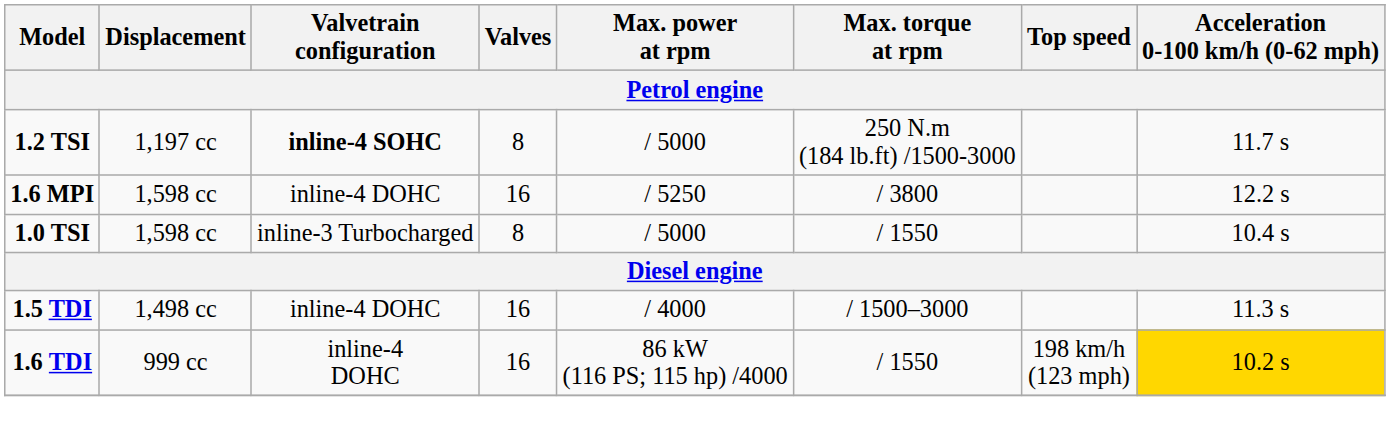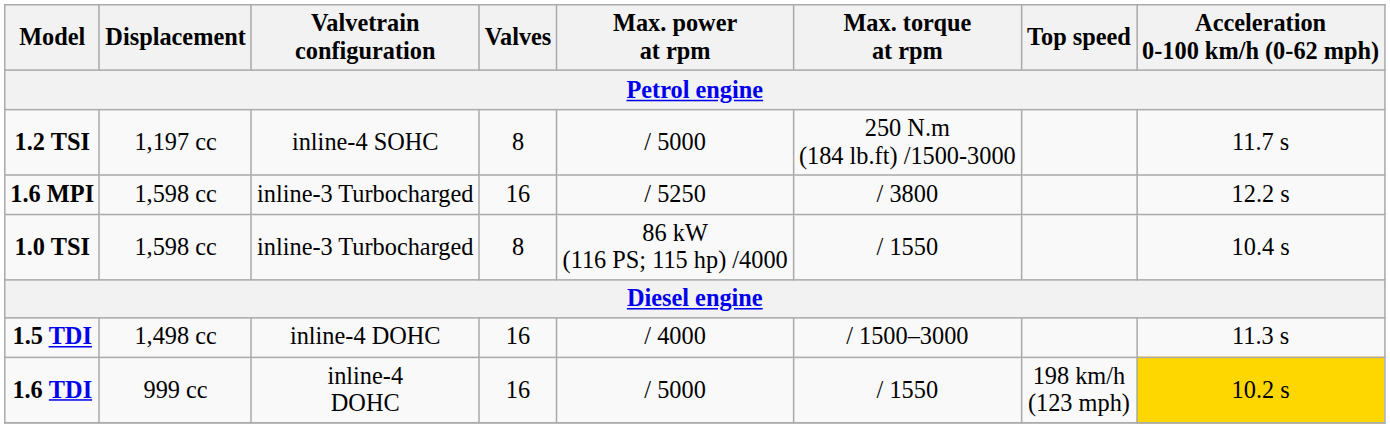 <table class="wikitable" style="text-align: center; font-size: 100%;">
 <tr>
 <th>Model</th>
 <th>Displacement</th>
 <th>Valvetrain<br>configuration</th>
 <th>Valves</th>
 <th>Max. power<br>at rpm</th>
 <th>Max. torque<br>at rpm</th>
 <th>Top speed</th>
 <th>Acceleration<br>0-100 km/h (0-62 mph)</th>
 </tr>
 <tr>
 <th colspan="9" ><a href='#'>Petrol engine</a></th>
 </tr>
 <tr>
 <td><strong>1.2 TSI</strong></td>
 <td>1,197 cc</td>
-<td><strong>inline-4 SOHC</strong></td>
+<td>inline-4 SOHC</td>
 <td>8</td>
 <td> / 5000</td>
 <td>250 N.m<br>(184 lb.ft) /1500-3000</td>
 <td></td>
 <td>11.7 s</td>
 </tr>
 <tr>
 <td><strong>1.6 MPI</strong></td>
 <td>1,598 cc</td>
-<td>inline-4 DOHC</td>
+<td>inline-3 Turbocharged</td>
 <td>16</td>
 <td> / 5250</td>
 <td> / 3800</td>
 <td></td>
 <td>12.2 s</td>
 </tr>
 <tr>
 <td><strong>1.0 TSI</strong></td>
 <td>1,598 cc</td>
 <td>inline-3 Turbocharged</td>
 <td>8</td>
-<td> / 5000</td>
+<td>86 kW<br>(116 PS; 115 hp) /4000</td>
 <td> / 1550</td>
 <td></td>
 <td>10.4 s</td>
 </tr>
 <tr>
 <th colspan="9" ><a href='#'>Diesel engine</a></th>
 </tr>
 <tr>
 <td><strong>1.5 <a href='#'>TDI</a></strong></td>
 <td>1,498 cc</td>
 <td>inline-4 DOHC</td>
 <td>16</td>
 <td> / 4000</td>
 <td> / 1500–3000</td>
 <td></td>
 <td>11.3 s</td>
 </tr>
 <tr>
 <td><strong>1.6</strong> <a href='#'><strong>TDI</strong></a></td>
 <td>999 cc</td>
 <td>inline-4<br>DOHC</td>
 <td>16</td>
-<td>86 kW<br>(116 PS; 115 hp) /4000</td>
+<td> / 5000</td>
 <td> / 1550</td>
 <td>198 km/h<br>(123 mph)</td>
 <td style="background: gold;">10.2 s</td>
 </tr>
 <tr>
 </tr>
 </table>
